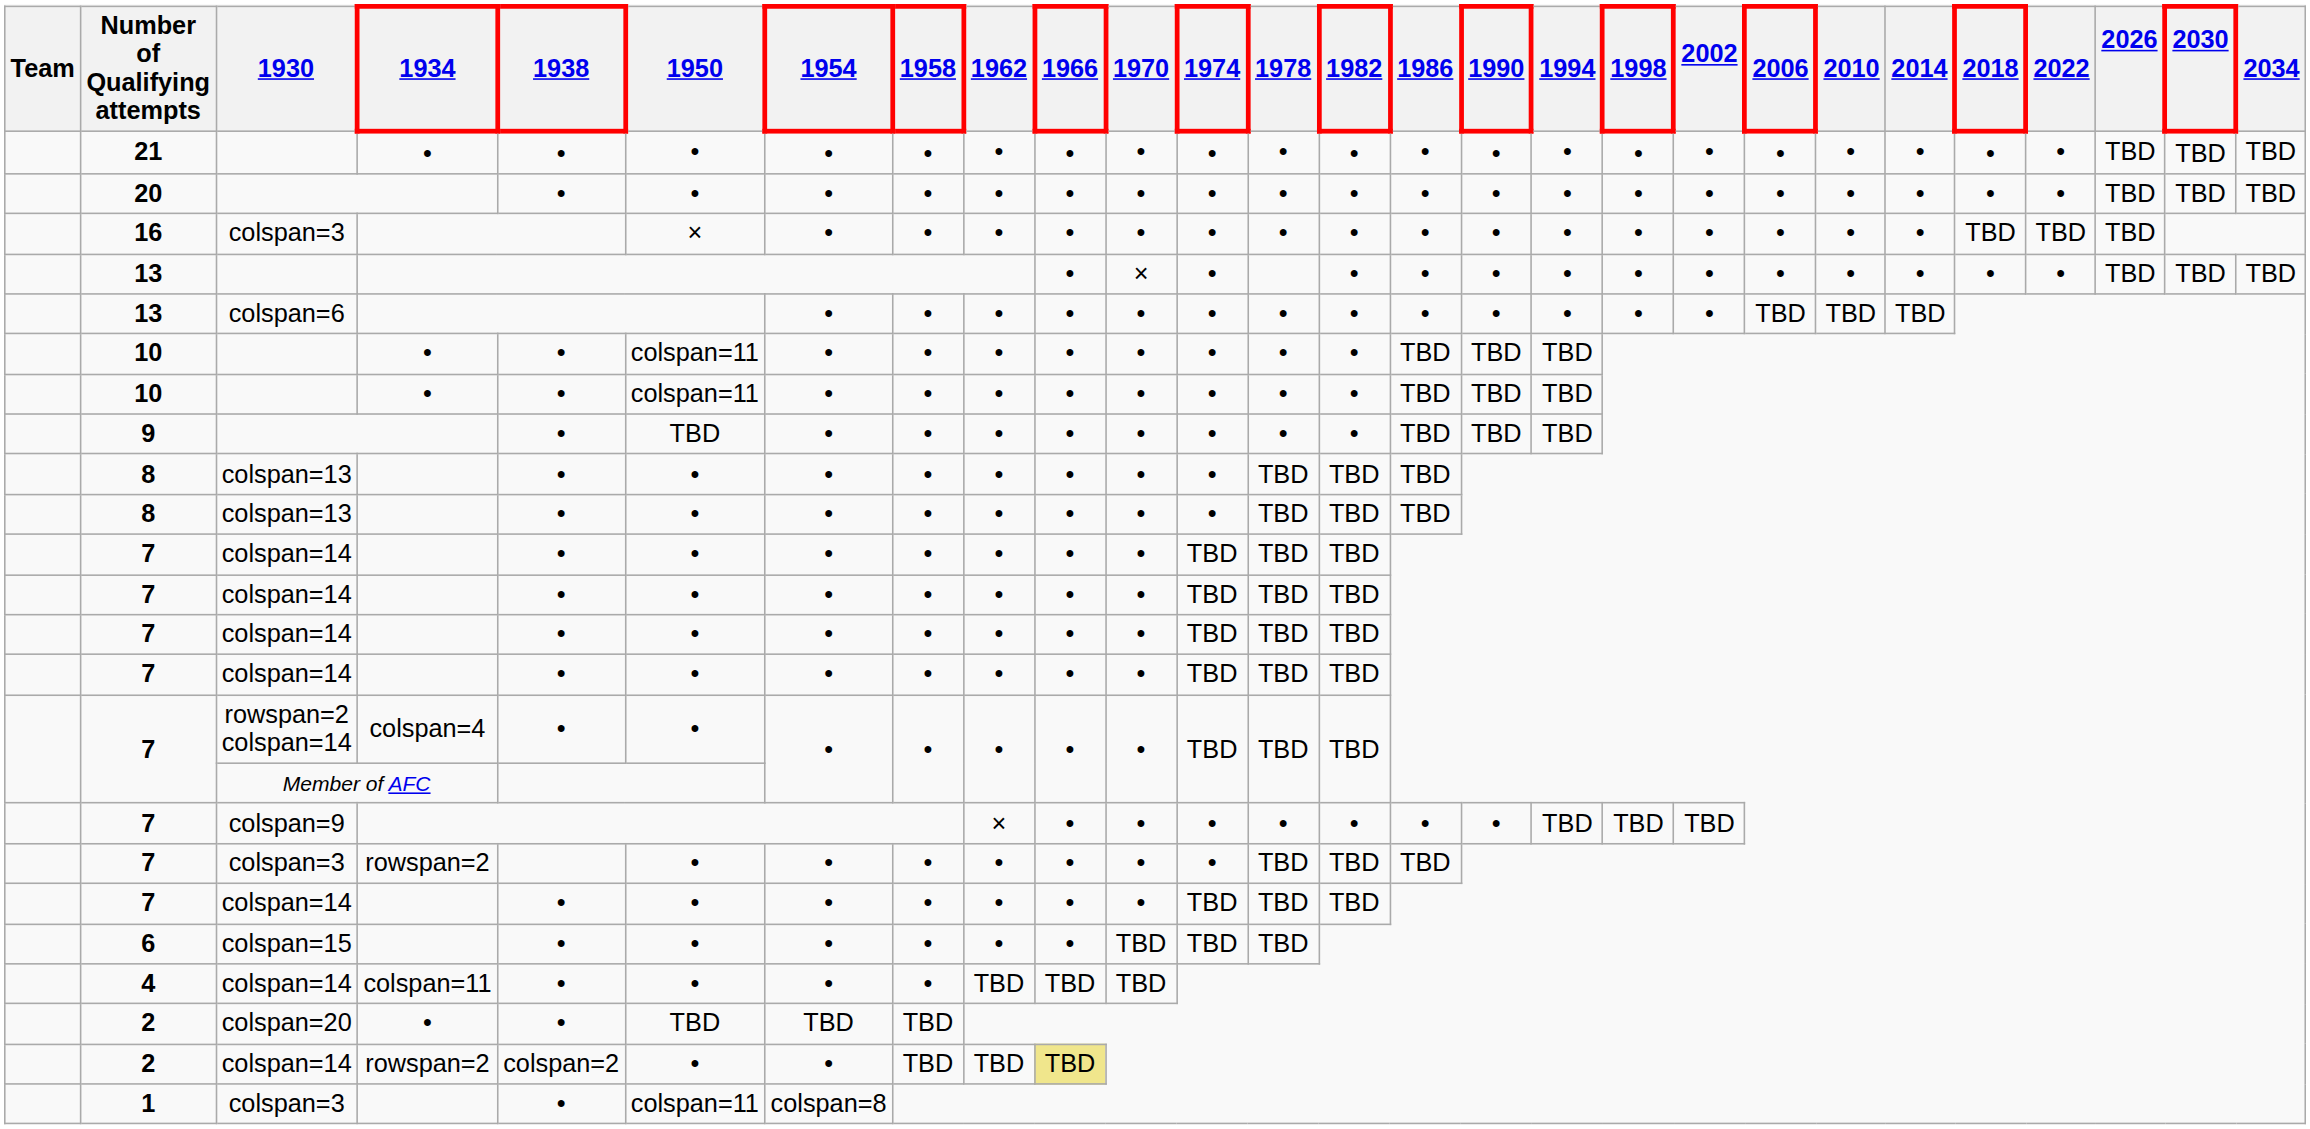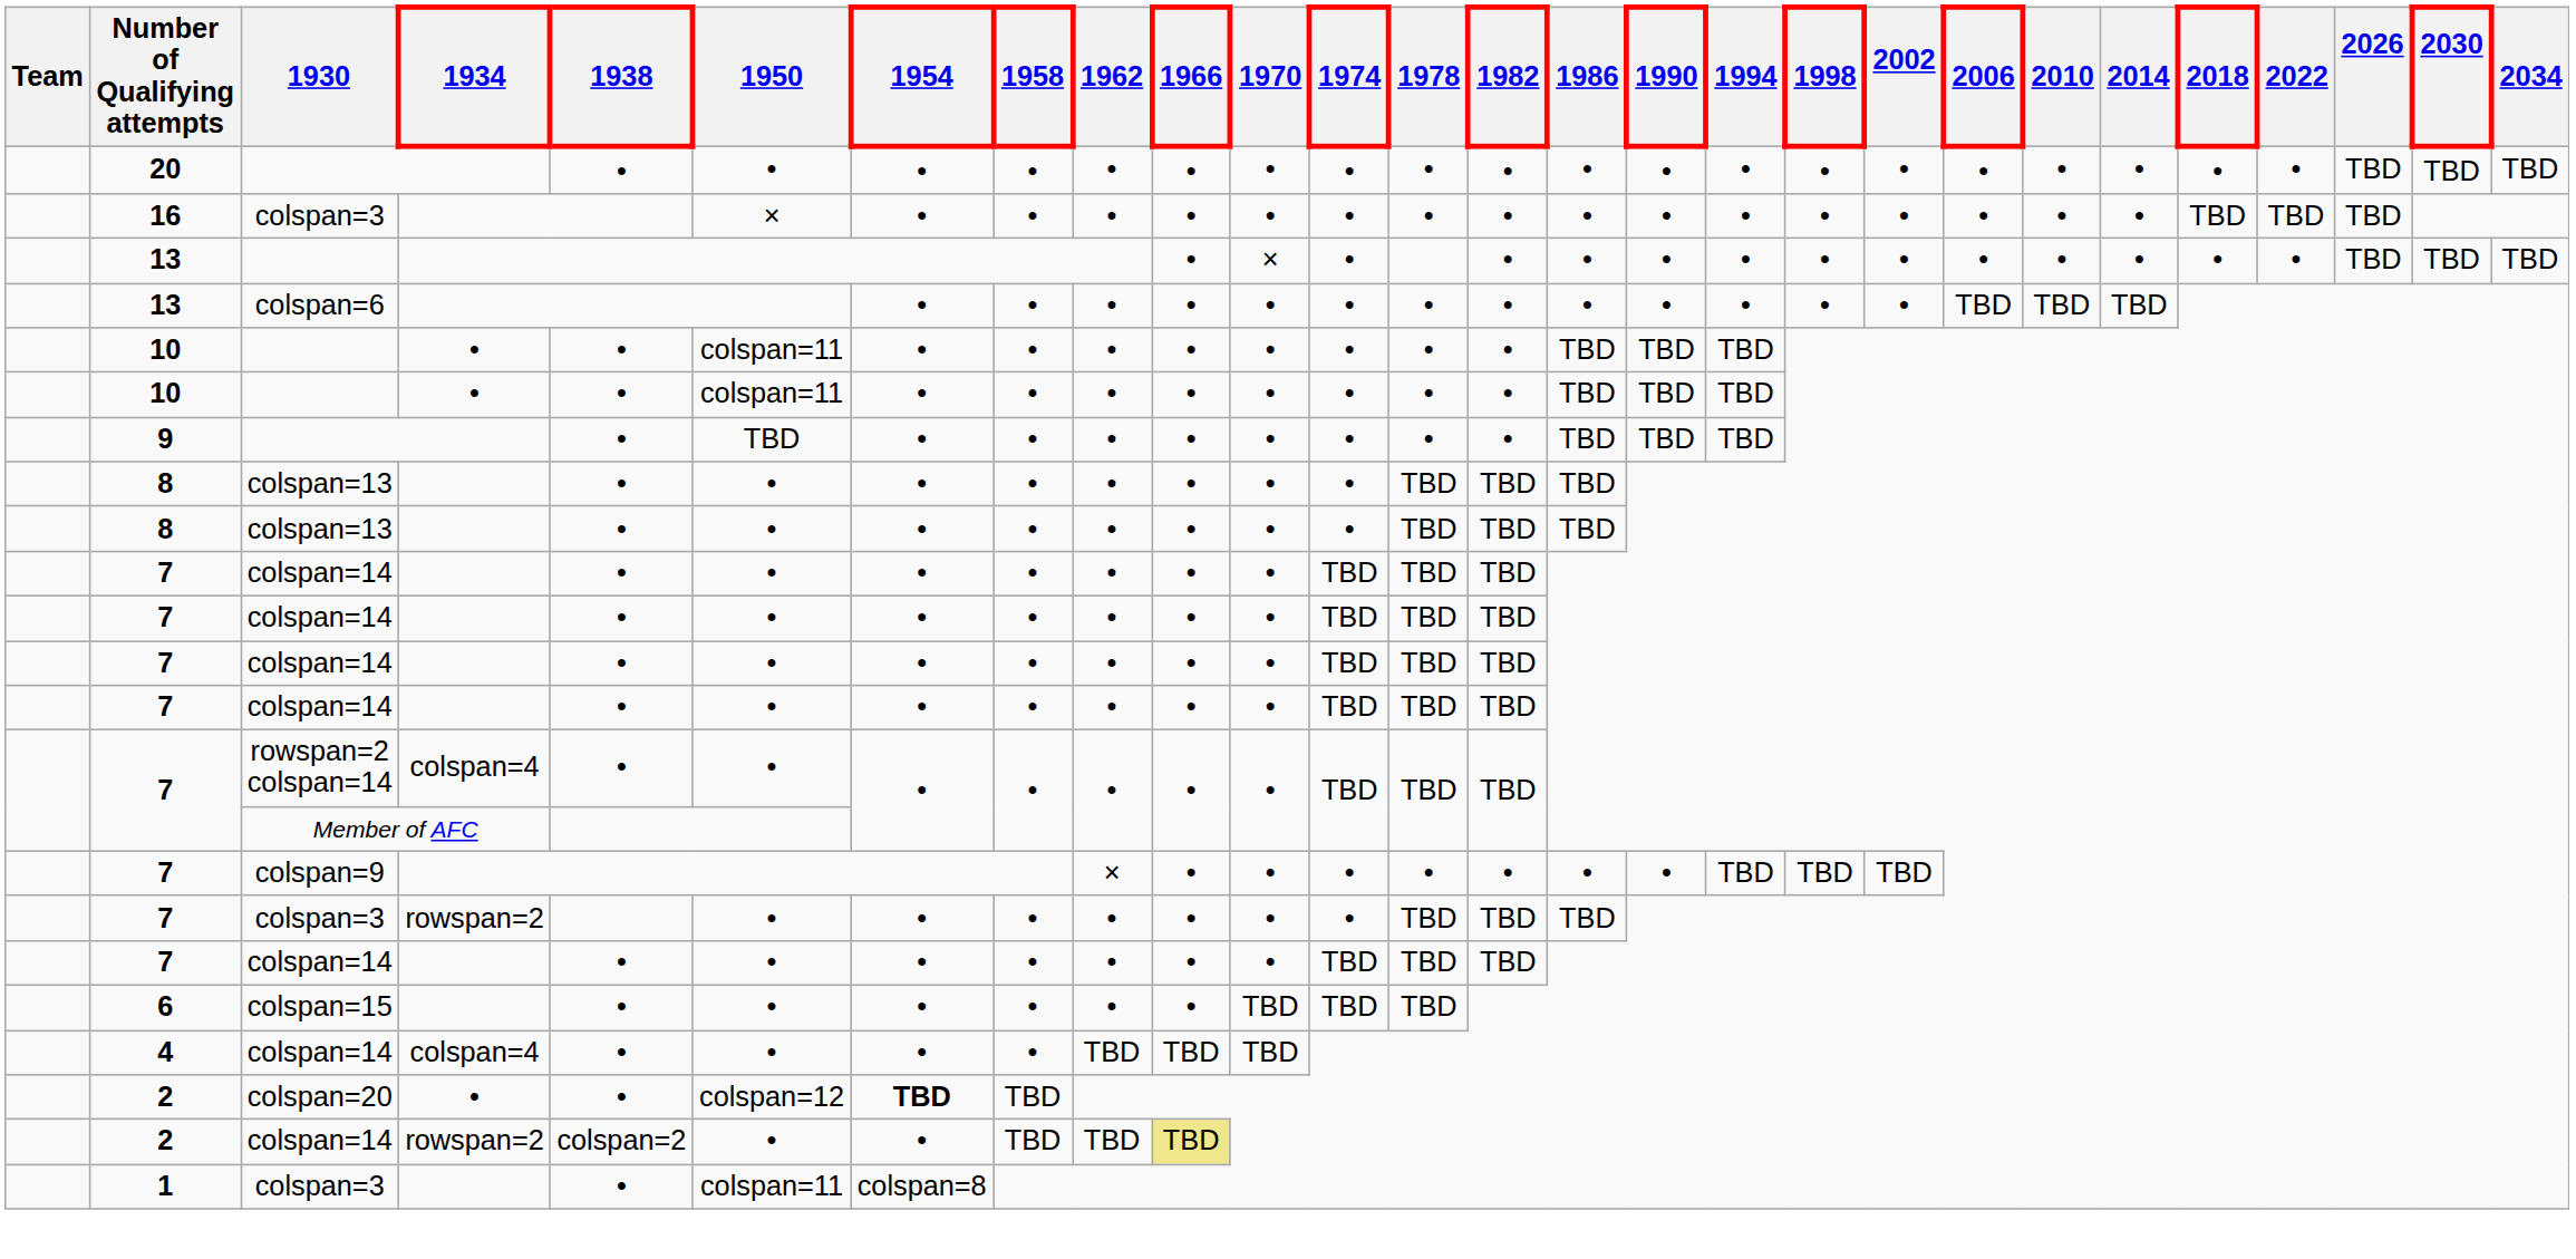 <table class="wikitable" style="text-align: center;">
 <tr>
 <th>Team</th>
 <th>Number of <br> Qualifying<br>attempts</th>
 <th><a href='#'>1930</a><br> </th>
 <th style="border:3px solid red"><a href='#'>1934</a><br> </th>
 <th style="border:3px solid red"><a href='#'>1938</a><br> </th>
 <th><a href='#'>1950</a><br> </th>
 <th style="border:3px solid red"><a href='#'>1954</a><br> </th>
 <th style="border:3px solid red"><a href='#'>1958</a><br> </th>
 <th><a href='#'>1962</a><br> </th>
 <th style="border:3px solid red"><a href='#'>1966</a><br> </th>
 <th><a href='#'>1970</a><br> </th>
 <th style="border:3px solid red"><a href='#'>1974</a><br> </th>
 <th><a href='#'>1978</a><br> </th>
 <th style="border:3px solid red"><a href='#'>1982</a><br> </th>
 <th><a href='#'>1986</a><br> </th>
 <th style="border:3px solid red"><a href='#'>1990</a><br> </th>
 <th><a href='#'>1994</a><br> </th>
 <th style="border:3px solid red"><a href='#'>1998</a><br> </th>
 <th><a href='#'>2002</a><br> <br></th>
 <th style="border:3px solid red"><a href='#'>2006</a><br> </th>
 <th><a href='#'>2010</a><br> </th>
 <th><a href='#'>2014</a><br> </th>
 <th style="border:3px solid red"><a href='#'>2018</a><br> </th>
 <th><a href='#'>2022</a><br> </th>
 <th><a href='#'>2026</a><br> <br> <br> </th>
 <th style="border:3px solid red"><a href='#'>2030</a><br> <br> <br> </th>
 <th><a href='#'>2034</a><br></th>
-</tr>
-<tr>
-<td style="text-align: left;"></td>
-<td><strong>21</strong></td>
-<td></td>
-<td>•</td>
-<td>•</td>
-<td>•</td>
-<td>•</td>
-<td>•</td>
-<td>•</td>
-<td>•</td>
-<td>•</td>
-<td>•</td>
-<td>•</td>
-<td>•</td>
-<td>•</td>
-<td>•</td>
-<td>•</td>
-<td>•</td>
-<td>•</td>
-<td>•</td>
-<td>•</td>
-<td>•</td>
-<td>•</td>
-<td>•</td>
-<td>TBD</td>
-<td>TBD</td>
-<td>TBD</td>
 </tr>
 <tr>
 <td style="text-align: left;"></td>
 <td><strong>20</strong></td>
 <td colspan=2></td>
 <td>•</td>
 <td>•</td>
 <td>•</td>
 <td>•</td>
 <td>•</td>
 <td>•</td>
 <td>•</td>
 <td>•</td>
 <td>•</td>
 <td>•</td>
 <td>•</td>
 <td>•</td>
 <td>•</td>
 <td>•</td>
 <td>•</td>
 <td>•</td>
 <td>•</td>
 <td>•</td>
 <td>•</td>
 <td>•</td>
 <td>TBD</td>
 <td>TBD</td>
 <td>TBD</td>
 </tr>
 <tr>
 <td style="text-align: left;"></td>
 <td><strong>16</strong></td>
 <td>colspan=3 </td>
 <td colspan=2></td>
 <td>×</td>
 <td>•</td>
 <td>•</td>
 <td>•</td>
 <td>•</td>
 <td>•</td>
 <td>•</td>
 <td>•</td>
 <td>•</td>
 <td>•</td>
 <td>•</td>
 <td>•</td>
 <td>•</td>
 <td>•</td>
 <td>•</td>
 <td>•</td>
 <td>•</td>
 <td>TBD</td>
 <td>TBD</td>
 <td>TBD</td>
 </tr>
 <tr>
 <td style="text-align: left;"></td>
 <td><strong>13</strong></td>
 <td></td>
 <td colspan=6></td>
 <td>•</td>
 <td>×</td>
 <td>•</td>
 <td></td>
 <td>•</td>
 <td>•</td>
 <td>•</td>
 <td>•</td>
 <td>•</td>
 <td>•</td>
 <td>•</td>
 <td>•</td>
 <td>•</td>
 <td>•</td>
 <td>•</td>
 <td>TBD</td>
 <td>TBD</td>
 <td>TBD</td>
 </tr>
 <tr>
 <td style="text-align: left;"></td>
 <td><strong>13</strong></td>
 <td>colspan=6 </td>
 <td colspan=3></td>
 <td>•</td>
 <td>•</td>
 <td>•</td>
 <td>•</td>
 <td>•</td>
 <td>•</td>
 <td>•</td>
 <td>•</td>
 <td>•</td>
 <td>•</td>
 <td>•</td>
 <td>•</td>
 <td>•</td>
 <td>TBD</td>
 <td>TBD</td>
 <td>TBD</td>
 </tr>
 <tr>
 <td style="text-align: left;"></td>
 <td><strong>10</strong></td>
 <td></td>
 <td>•</td>
 <td>•</td>
 <td>colspan=11 </td>
 <td>•</td>
 <td>•</td>
 <td>•</td>
 <td>•</td>
 <td>•</td>
 <td>•</td>
 <td>•</td>
 <td>•</td>
 <td>TBD</td>
 <td>TBD</td>
 <td>TBD</td>
 </tr>
 <tr>
 <td style="text-align: left;"></td>
 <td><strong>10</strong></td>
 <td></td>
 <td>•</td>
 <td>•</td>
 <td>colspan=11 </td>
 <td>•</td>
 <td>•</td>
 <td>•</td>
 <td>•</td>
 <td>•</td>
 <td>•</td>
 <td>•</td>
 <td>•</td>
 <td>TBD</td>
 <td>TBD</td>
 <td>TBD</td>
 </tr>
 <tr>
 <td style="text-align: left;"></td>
 <td><strong>9</strong></td>
 <td colspan=2></td>
 <td>•</td>
 <td>TBD</td>
 <td>•</td>
 <td>•</td>
 <td>•</td>
 <td>•</td>
 <td>•</td>
 <td>•</td>
 <td>•</td>
 <td>•</td>
 <td>TBD</td>
 <td>TBD</td>
 <td>TBD</td>
 </tr>
 <tr>
 <td style="text-align: left;"></td>
 <td><strong>8</strong></td>
 <td>colspan=13 </td>
 <td></td>
 <td>•</td>
 <td>•</td>
 <td>•</td>
 <td>•</td>
 <td>•</td>
 <td>•</td>
 <td>•</td>
 <td>•</td>
 <td>TBD</td>
 <td>TBD</td>
 <td>TBD</td>
 </tr>
 <tr>
 <td style="text-align: left;"></td>
 <td><strong>8</strong></td>
 <td>colspan=13 </td>
 <td></td>
 <td>•</td>
 <td>•</td>
 <td>•</td>
 <td>•</td>
 <td>•</td>
 <td>•</td>
 <td>•</td>
 <td>•</td>
 <td>TBD</td>
 <td>TBD</td>
 <td>TBD</td>
 </tr>
 <tr>
 <td style="text-align: left;"></td>
 <td><strong>7</strong></td>
 <td>colspan=14 </td>
 <td></td>
 <td>•</td>
 <td>•</td>
 <td>•</td>
 <td>•</td>
 <td>•</td>
 <td>•</td>
 <td>•</td>
 <td>TBD</td>
 <td>TBD</td>
 <td>TBD</td>
 </tr>
 <tr>
 <td style="text-align: left;"></td>
 <td><strong>7</strong></td>
 <td>colspan=14 </td>
 <td></td>
 <td>•</td>
 <td>•</td>
 <td>•</td>
 <td>•</td>
 <td>•</td>
 <td>•</td>
 <td>•</td>
 <td>TBD</td>
 <td>TBD</td>
 <td>TBD</td>
 </tr>
 <tr>
 <td style="text-align: left;"></td>
 <td><strong>7</strong></td>
 <td>colspan=14 </td>
 <td></td>
 <td>•</td>
 <td>•</td>
 <td>•</td>
 <td>•</td>
 <td>•</td>
 <td>•</td>
 <td>•</td>
 <td>TBD</td>
 <td>TBD</td>
 <td>TBD</td>
 </tr>
 <tr>
 <td style="text-align: left;"></td>
 <td><strong>7</strong></td>
 <td>colspan=14 </td>
 <td></td>
 <td>•</td>
 <td>•</td>
 <td>•</td>
 <td>•</td>
 <td>•</td>
 <td>•</td>
 <td>•</td>
 <td>TBD</td>
 <td>TBD</td>
 <td>TBD</td>
 </tr>
 <tr>
 <td style="text-align: left;" rowspan=2></td>
 <td rowspan=2><strong>7</strong></td>
 <td>rowspan=2 colspan=14 </td>
 <td>colspan=4 </td>
 <td>•</td>
 <td>•</td>
 <td rowspan=2>•</td>
 <td rowspan=2>•</td>
 <td rowspan=2>•</td>
 <td rowspan=2>•</td>
 <td rowspan=2>•</td>
 <td rowspan=2>TBD</td>
 <td rowspan=2>TBD</td>
 <td rowspan=2>TBD</td>
 </tr>
 <tr>
 <td colspan=2><small><em>Member of <a href='#'>AFC</a></em></small></td>
 </tr>
 <tr>
 <td style="text-align: left;"></td>
 <td><strong>7</strong></td>
 <td>colspan=9 </td>
 <td colspan=5></td>
 <td>×</td>
 <td>•</td>
 <td>•</td>
 <td>•</td>
 <td>•</td>
 <td>•</td>
 <td>•</td>
 <td>•</td>
 <td>TBD</td>
 <td>TBD</td>
 <td>TBD</td>
 </tr>
 <tr>
 <td style="text-align: left;"></td>
 <td><strong>7</strong></td>
 <td>colspan=3 </td>
 <td>rowspan=2 </td>
 <td></td>
 <td>•</td>
 <td>•</td>
 <td>•</td>
 <td>•</td>
 <td>•</td>
 <td>•</td>
 <td>•</td>
 <td>TBD</td>
 <td>TBD</td>
 <td>TBD</td>
 </tr>
 <tr>
 <td style="text-align: left;"></td>
 <td><strong>7</strong></td>
 <td>colspan=14 </td>
 <td></td>
 <td>•</td>
 <td>•</td>
 <td>•</td>
 <td>•</td>
 <td>•</td>
 <td>•</td>
 <td>•</td>
 <td>TBD</td>
 <td>TBD</td>
 <td>TBD</td>
 </tr>
 <tr>
 <td style="text-align: left;"></td>
 <td><strong>6</strong></td>
 <td>colspan=15 </td>
 <td></td>
 <td>•</td>
 <td>•</td>
 <td>•</td>
 <td>•</td>
 <td>•</td>
 <td>•</td>
 <td>TBD</td>
 <td>TBD</td>
 <td>TBD</td>
 </tr>
 <tr>
 <td style="text-align: left;"></td>
 <td><strong>4</strong></td>
 <td>colspan=14 </td>
-<td>colspan=11 </td>
+<td>colspan=4 </td>
 <td>•</td>
 <td>•</td>
 <td>•</td>
 <td>•</td>
 <td>TBD</td>
 <td>TBD</td>
 <td>TBD</td>
 </tr>
 <tr>
 <td style="text-align: left;"></td>
 <td><strong>2</strong></td>
 <td>colspan=20 </td>
 <td>•</td>
 <td>•</td>
-<td>TBD</td>
-<td>TBD</td>
+<td>colspan=12 </td>
+<td><strong>TBD</strong></td>
 <td>TBD</td>
 </tr>
 <tr>
 <td style="text-align: left;"></td>
 <td><strong>2</strong></td>
 <td>colspan=14 </td>
 <td>rowspan=2 </td>
 <td>colspan=2 </td>
 <td>•</td>
 <td>•</td>
 <td>TBD</td>
 <td>TBD</td>
 <td style="background: khaki;">TBD</td>
 </tr>
 <tr>
 <td style="text-align: left;"><em></em></td>
 <td><strong>1</strong></td>
 <td>colspan=3 </td>
 <td></td>
 <td>•</td>
 <td>colspan=11 </td>
 <td>colspan=8 </td>
 </tr>
 </table>
